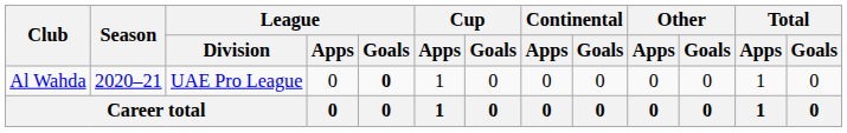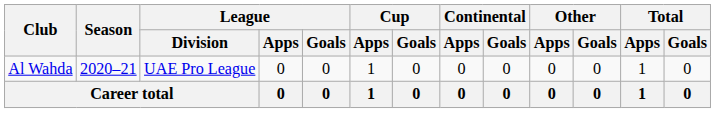 <table class="wikitable" style="text-align: center">
 <tr>
 <th rowspan="2">Club</th>
 <th rowspan="2">Season</th>
 <th colspan="3">League</th>
 <th colspan="2">Cup</th>
 <th colspan="2">Continental</th>
 <th colspan="2">Other</th>
 <th colspan="2">Total</th>
 </tr>
 <tr>
 <th>Division</th>
 <th>Apps</th>
 <th>Goals</th>
 <th>Apps</th>
 <th>Goals</th>
 <th>Apps</th>
 <th>Goals</th>
 <th>Apps</th>
 <th>Goals</th>
 <th>Apps</th>
 <th>Goals</th>
 </tr>
 <tr>
 <td><a href='#'>Al Wahda</a></td>
 <td><a href='#'>2020–21</a></td>
 <td><a href='#'>UAE Pro League</a></td>
 <td>0</td>
-<td><strong>0</strong></td>
+<td>0</td>
 <td>1</td>
 <td>0</td>
 <td>0</td>
 <td>0</td>
 <td>0</td>
 <td>0</td>
 <td>1</td>
 <td>0</td>
 </tr>
 <tr>
 <th colspan="3"><strong>Career total</strong></th>
 <th>0</th>
 <th>0</th>
 <th>1</th>
 <th>0</th>
 <th>0</th>
 <th>0</th>
 <th>0</th>
 <th>0</th>
 <th>1</th>
 <th>0</th>
 </tr>
 </table>
